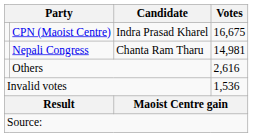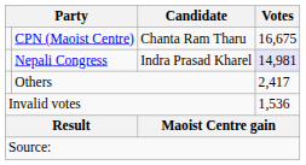 <table class="wikitable">
 <tr>
 <th colspan="2">Party</th>
 <th>Candidate</th>
 <th>Votes</th>
 </tr>
 <tr>
 <td style="background-color:"></td>
 <td><a href='#'>CPN (Maoist Centre)</a></td>
-<td>Indra Prasad Kharel</td>
+<td>Chanta Ram Tharu</td>
 <td>16,675</td>
 </tr>
 <tr>
 <td style="background-color:"></td>
 <td><a href='#'>Nepali Congress</a></td>
-<td>Chanta Ram Tharu</td>
-<td>14,981</td>
+<td>Indra Prasad Kharel</td>
+<td style="background: lavender;">14,981</td>
 </tr>
 <tr>
 <td></td>
 <td colspan="2">Others</td>
-<td>2,616</td>
+<td>2,417</td>
 </tr>
 <tr>
 <td colspan="3">Invalid votes</td>
 <td>1,536</td>
 </tr>
 <tr>
 <th colspan="2">Result</th>
 <th colspan="2">Maoist Centre gain</th>
 </tr>
 <tr>
 <td colspan="4">Source: </td>
 </tr>
 </table>
